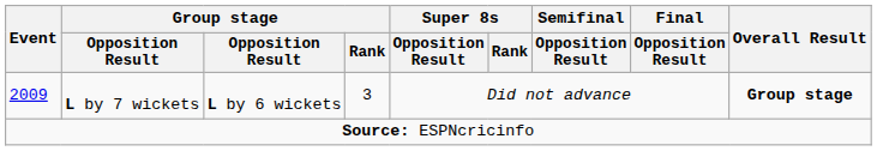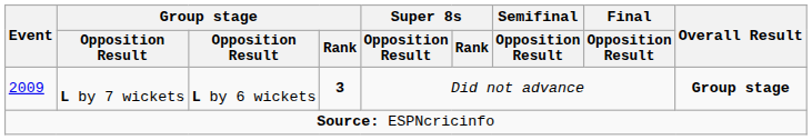 <table class=wikitable style=font-size:90%;text-align:center>
 <tr>
 <th rowspan=2>Event</th>
 <th colspan=3>Group stage</th>
 <th colspan=2>Super 8s</th>
 <th>Semifinal</th>
 <th>Final</th>
 <th rowspan=2>Overall Result</th>
 </tr>
 <tr style=font-size:95%>
 <th>Opposition<br>Result</th>
 <th>Opposition<br>Result</th>
 <th>Rank</th>
 <th>Opposition<br>Result</th>
 <th>Rank</th>
 <th>Opposition<br>Result</th>
 <th>Opposition<br>Result</th>
 </tr>
 <tr>
 <td align=left><a href='#'>2009</a></td>
 <td><br><strong>L</strong> by 7 wickets</td>
 <td><br><strong>L</strong> by 6 wickets</td>
-<td>3</td>
+<td><strong>3</strong></td>
 <td colspan="4"><em>Did not advance</em></td>
 <td><strong>Group stage</strong></td>
 </tr>
 <tr>
 <td colspan="11"><strong>Source:</strong> ESPNcricinfo</td>
 </tr>
 </table>
